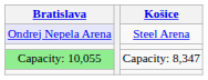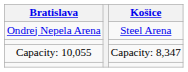 <table class="wikitable" style="text-align:center">
 <tr>
 <th> <a href='#'>Bratislava</a></th>
 <th rowspan=5 colspan=2></th>
 <th> <a href='#'>Košice</a></th>
 </tr>
 <tr>
-<td style="background: lavender;"><a href='#'>Ondrej Nepela Arena</a></td>
+<td><a href='#'>Ondrej Nepela Arena</a></td>
 <td><a href='#'>Steel Arena</a></td>
 </tr>
 <tr>
 <td></td>
 <td></td>
 </tr>
 <tr>
-<td style="background: lightgreen;">Capacity: 10,055</td>
+<td>Capacity: 10,055</td>
 <td>Capacity: 8,347</td>
 </tr>
 <tr>
 <td></td>
 <td></td>
 </tr>
 </table>
